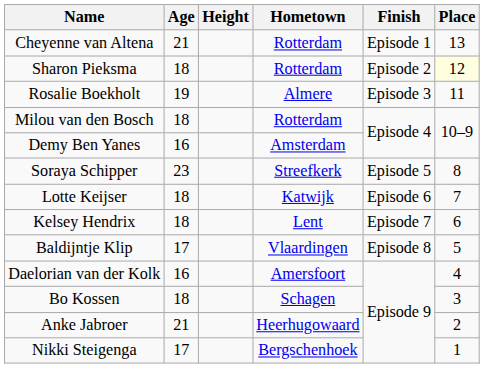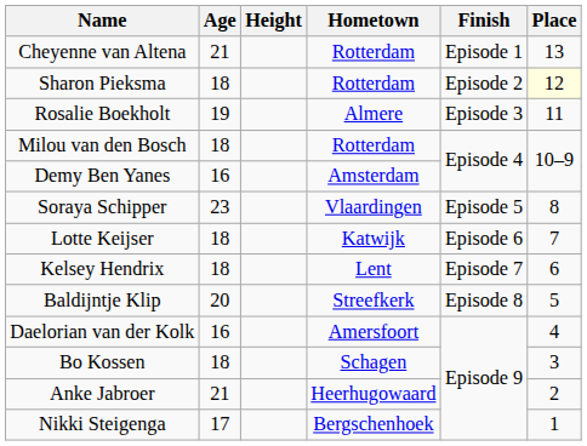 <table class="wikitable sortable" style="text-align:center;">
 <tr>
 <th>Name</th>
 <th>Age</th>
 <th>Height</th>
 <th>Hometown</th>
 <th>Finish</th>
 <th>Place</th>
 </tr>
 <tr>
 <td>Cheyenne van Altena</td>
 <td>21</td>
 <td></td>
 <td><a href='#'>Rotterdam</a></td>
 <td>Episode 1</td>
 <td>13</td>
 </tr>
 <tr>
 <td>Sharon Pieksma</td>
 <td>18</td>
 <td></td>
 <td><a href='#'>Rotterdam</a></td>
 <td>Episode 2</td>
 <td style="background: lightyellow;">12</td>
 </tr>
 <tr>
 <td>Rosalie Boekholt</td>
 <td>19</td>
 <td></td>
 <td><a href='#'>Almere</a></td>
 <td>Episode 3</td>
 <td>11</td>
 </tr>
 <tr>
 <td>Milou van den Bosch</td>
 <td>18</td>
 <td></td>
 <td><a href='#'>Rotterdam</a></td>
 <td rowspan="2">Episode 4</td>
 <td rowspan="2">10–9</td>
 </tr>
 <tr>
 <td>Demy Ben Yanes</td>
 <td>16</td>
 <td></td>
 <td><a href='#'>Amsterdam</a></td>
 </tr>
 <tr>
 <td>Soraya Schipper</td>
 <td>23</td>
 <td></td>
-<td><a href='#'>Streefkerk</a></td>
+<td><a href='#'>Vlaardingen</a></td>
 <td>Episode 5</td>
 <td>8</td>
 </tr>
 <tr>
 <td>Lotte Keijser</td>
 <td>18</td>
 <td></td>
 <td><a href='#'>Katwijk</a></td>
 <td>Episode 6</td>
 <td>7</td>
 </tr>
 <tr>
 <td>Kelsey Hendrix</td>
 <td>18</td>
 <td></td>
 <td><a href='#'>Lent</a></td>
 <td>Episode 7</td>
 <td>6</td>
 </tr>
 <tr>
 <td>Baldijntje Klip</td>
-<td>17</td>
+<td>20</td>
 <td></td>
-<td><a href='#'>Vlaardingen</a></td>
+<td><a href='#'>Streefkerk</a></td>
 <td>Episode 8</td>
 <td>5</td>
 </tr>
 <tr>
 <td>Daelorian van der Kolk</td>
 <td>16</td>
 <td></td>
 <td><a href='#'>Amersfoort</a></td>
 <td rowspan="4">Episode 9</td>
 <td>4</td>
 </tr>
 <tr>
 <td>Bo Kossen</td>
 <td>18</td>
 <td></td>
 <td><a href='#'>Schagen</a></td>
 <td>3</td>
 </tr>
 <tr>
 <td>Anke Jabroer</td>
 <td>21</td>
 <td></td>
 <td><a href='#'>Heerhugowaard</a></td>
 <td>2</td>
 </tr>
 <tr>
 <td>Nikki Steigenga</td>
 <td>17</td>
 <td></td>
 <td><a href='#'>Bergschenhoek</a></td>
 <td>1</td>
 </tr>
 </table>
